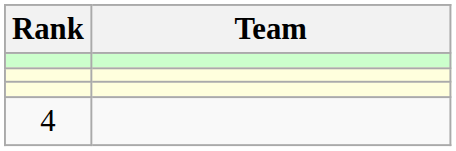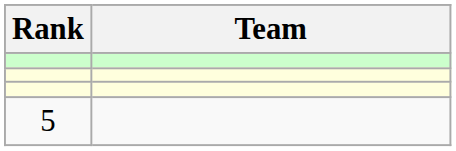 <table class=wikitable style="text-align:center;">
 <tr>
 <th>Rank</th>
 <th width=180>Team</th>
 </tr>
 <tr bgcolor=ccffcc>
 <td></td>
 <td align=left></td>
 </tr>
 <tr bgcolor=#ffffdd>
 <td></td>
 <td align=left></td>
 </tr>
 <tr bgcolor=#ffffdd>
 <td></td>
 <td align=left></td>
 </tr>
 <tr>
-<td>4</td>
+<td>5</td>
 <td align=left></td>
 </tr>
 </table>
